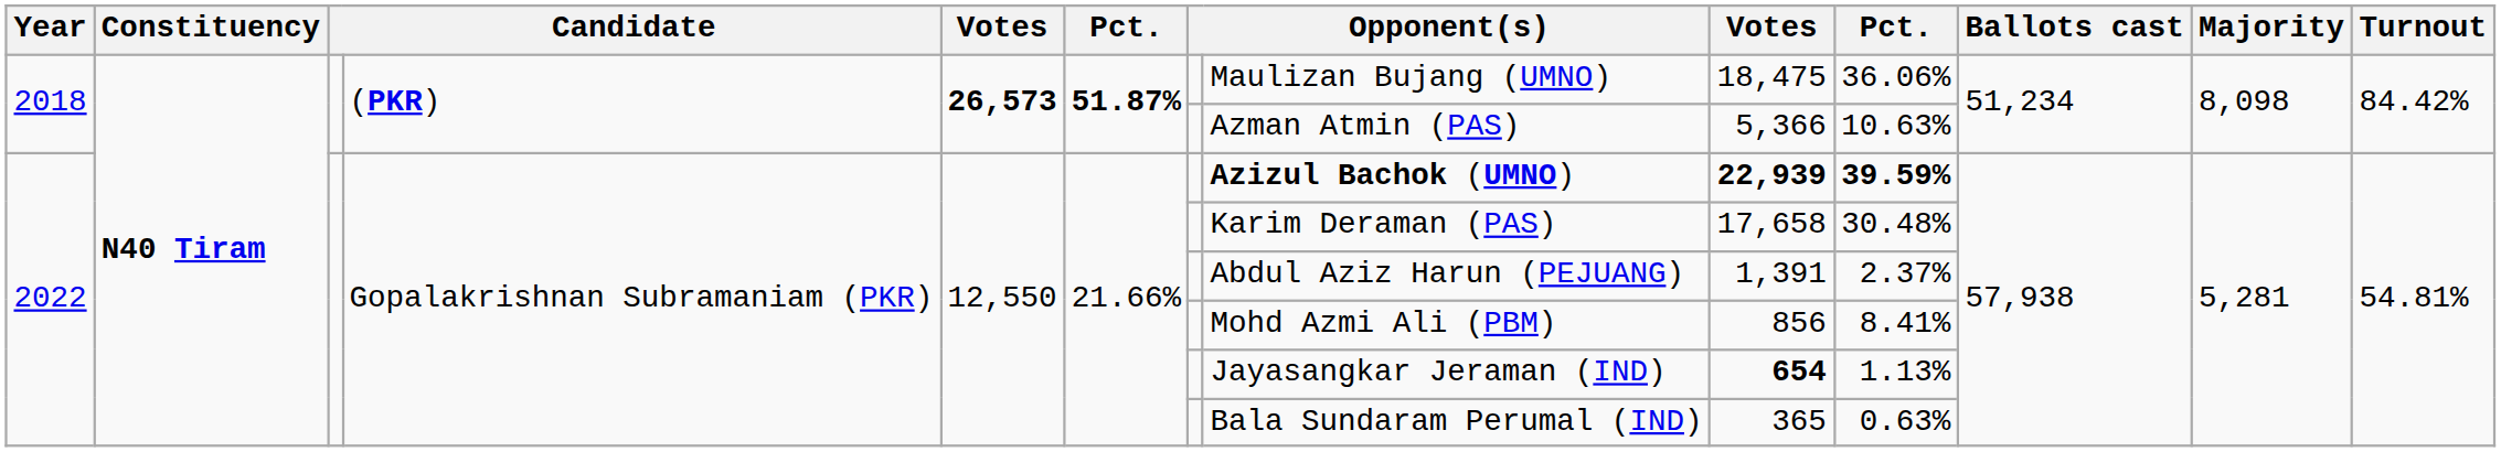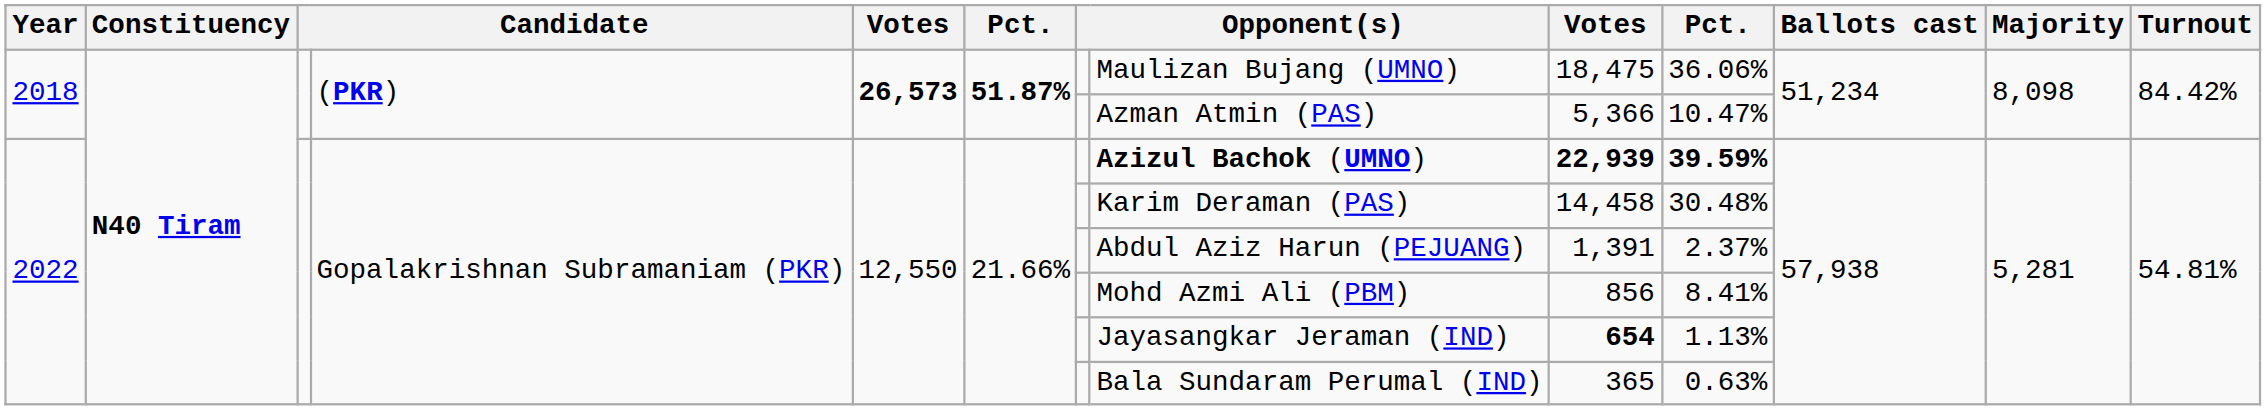 <table class="wikitable" style="margin:0.5em ; font-size:95%">
 <tr>
 <th>Year</th>
 <th>Constituency</th>
 <th colspan="2">Candidate</th>
 <th>Votes</th>
 <th>Pct.</th>
 <th colspan="2">Opponent(s)</th>
 <th>Votes</th>
 <th>Pct.</th>
 <th>Ballots cast</th>
 <th>Majority</th>
 <th>Turnout</th>
 </tr>
 <tr>
 <td rowspan="2"><a href='#'>2018</a></td>
 <td rowspan="8"><strong>N40 <a href='#'>Tiram</a></strong></td>
 <td rowspan="2" ></td>
 <td rowspan="2"> (<a href='#'><strong>PKR</strong></a>)</td>
 <td rowspan="2" align=right><strong>26,573</strong></td>
 <td rowspan="2"><strong>51.87%</strong></td>
 <td></td>
 <td>Maulizan Bujang (<a href='#'>UMNO</a>)</td>
 <td align=right>18,475</td>
 <td>36.06%</td>
 <td rowspan="2">51,234</td>
 <td rowspan="2">8,098</td>
 <td rowspan="2">84.42%</td>
 </tr>
 <tr>
 <td></td>
 <td>Azman Atmin (<a href='#'>PAS</a>)</td>
 <td align=right>5,366</td>
-<td>10.63%</td>
+<td>10.47%</td>
 </tr>
 <tr>
 <td rowspan="6"><a href='#'>2022</a></td>
 <td rowspan="6" ></td>
 <td rowspan="6">Gopalakrishnan Subramaniam (<a href='#'>PKR</a>)</td>
 <td rowspan="6" align=right>12,550</td>
 <td rowspan="6">21.66%</td>
 <td></td>
 <td><strong>Azizul Bachok</strong> (<a href='#'><strong>UMNO</strong></a>)</td>
 <td align=right><strong>22,939</strong></td>
 <td><strong>39.59%</strong></td>
 <td rowspan="6">57,938</td>
 <td rowspan="6">5,281</td>
 <td rowspan="6">54.81%</td>
 </tr>
 <tr>
 <td></td>
 <td>Karim Deraman (<a href='#'>PAS</a>)</td>
-<td align=right>17,658</td>
+<td align=right>14,458</td>
 <td>30.48%</td>
 </tr>
 <tr>
 <td></td>
 <td>Abdul Aziz Harun (<a href='#'>PEJUANG</a>)</td>
 <td align=right>1,391</td>
 <td align=right>2.37%</td>
 </tr>
 <tr>
 <td></td>
 <td>Mohd Azmi Ali (<a href='#'>PBM</a>)</td>
 <td align=right>856</td>
 <td align=right>8.41%</td>
 </tr>
 <tr>
 <td></td>
 <td>Jayasangkar Jeraman (<a href='#'>IND</a>)</td>
 <td align=right><strong>654</strong></td>
 <td align=right>1.13%</td>
 </tr>
 <tr>
 <td></td>
 <td>Bala Sundaram Perumal (<a href='#'>IND</a>)</td>
 <td align=right>365</td>
 <td align=right>0.63%</td>
 </tr>
 </table>
